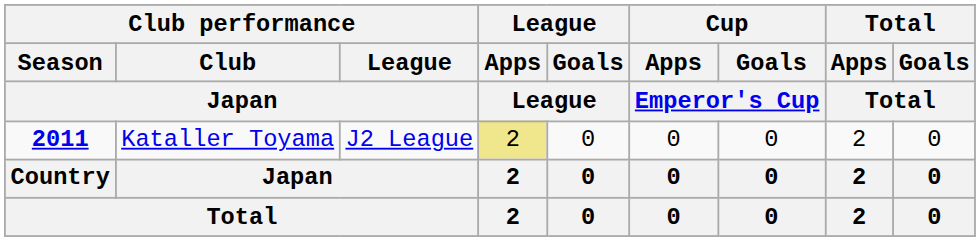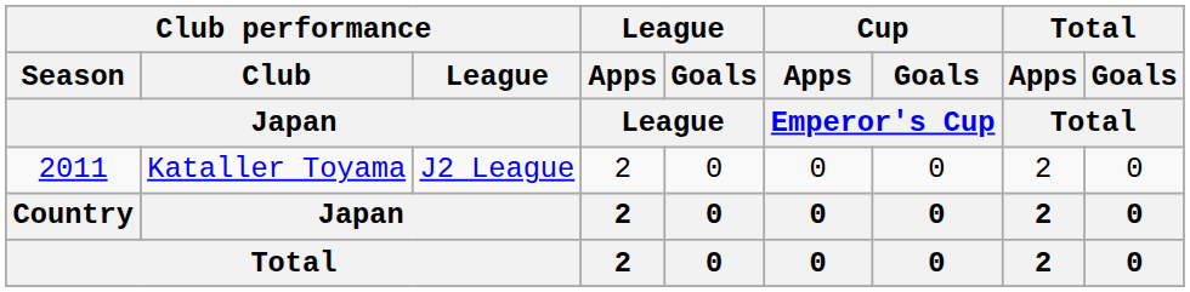 <table class="wikitable" style="text-align:center;">
 <tr>
 <th colspan=3>Club performance</th>
 <th colspan=2>League</th>
 <th colspan=2>Cup</th>
 <th colspan=2>Total</th>
 </tr>
 <tr>
 <th>Season</th>
 <th>Club</th>
 <th>League</th>
 <th>Apps</th>
 <th>Goals</th>
 <th>Apps</th>
 <th>Goals</th>
 <th>Apps</th>
 <th>Goals</th>
 </tr>
 <tr>
 <th colspan=3>Japan</th>
 <th colspan=2>League</th>
 <th colspan=2><a href='#'>Emperor's Cup</a></th>
 <th colspan=2>Total</th>
 </tr>
 <tr>
-<td><strong><a href='#'>2011</a></strong></td>
+<td><a href='#'>2011</a></td>
 <td><a href='#'>Kataller Toyama</a></td>
 <td><a href='#'>J2 League</a></td>
-<td style="background: khaki;">2</td>
+<td>2</td>
 <td>0</td>
 <td>0</td>
 <td>0</td>
 <td>2</td>
 <td>0</td>
 </tr>
 <tr>
 <th rowspan=1>Country</th>
 <th colspan=2>Japan</th>
 <th>2</th>
 <th>0</th>
 <th>0</th>
 <th>0</th>
 <th>2</th>
 <th>0</th>
 </tr>
 <tr>
 <th colspan=3>Total</th>
 <th>2</th>
 <th>0</th>
 <th>0</th>
 <th>0</th>
 <th>2</th>
 <th>0</th>
 </tr>
 </table>
